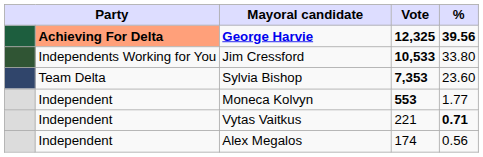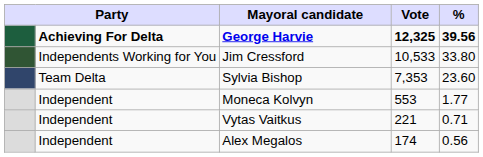 <table class="wikitable">
 <tr>
 <th style="background:#ddf;" width="250px" colspan="2">Party</th>
 <th style="background:#ddf;" width="200px">Mayoral candidate</th>
 <th style="background:#ddf;" width="50px">Vote</th>
 <th style="background:#ddf;" width="30px">%</th>
 </tr>
 <tr>
 <td style="background:#1D5E3E;" width="30px"> </td>
-<td style="background: lightsalmon;"><strong>Achieving For Delta</strong></td>
+<td><strong>Achieving For Delta</strong></td>
 <td><strong><a href='#'>George Harvie</a></strong></td>
 <td><strong>12,325</strong></td>
 <td><strong>39.56</strong></td>
 </tr>
 <tr>
 <td style="background:#305534;" width="30px"> </td>
 <td>Independents Working for You</td>
 <td>Jim Cressford</td>
-<td><strong>10,533</strong></td>
+<td>10,533</td>
 <td>33.80</td>
 </tr>
 <tr>
 <td style="background:#30456B;" width="30px"> </td>
 <td>Team Delta</td>
 <td>Sylvia Bishop</td>
-<td><strong>7,353</strong></td>
+<td>7,353</td>
 <td>23.60</td>
 </tr>
 <tr>
 <td style="background:gainsboro" width="30px"> </td>
 <td>Independent</td>
 <td>Moneca Kolvyn</td>
-<td><strong>553</strong></td>
+<td>553</td>
 <td>1.77</td>
 </tr>
 <tr>
 <td style="background:gainsboro" width="30px"> </td>
 <td>Independent</td>
 <td>Vytas Vaitkus</td>
 <td>221</td>
-<td><strong>0.71</strong></td>
+<td>0.71</td>
 </tr>
 <tr>
 <td style="background:gainsboro" width="30px"> </td>
 <td>Independent</td>
 <td>Alex Megalos</td>
 <td>174</td>
 <td>0.56</td>
 </tr>
 </table>
